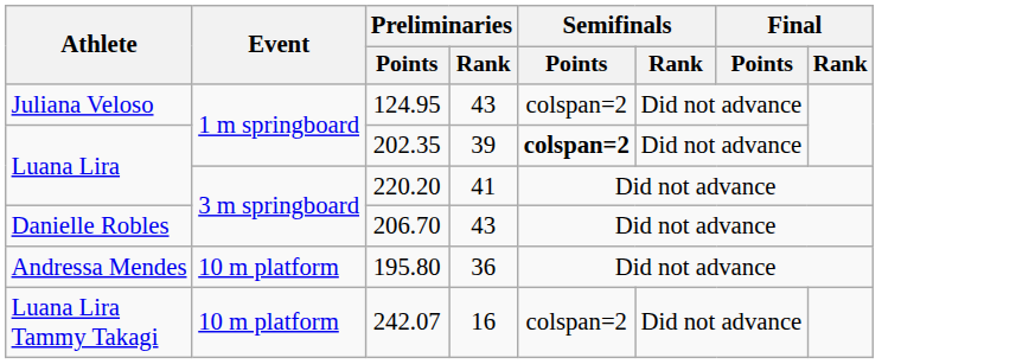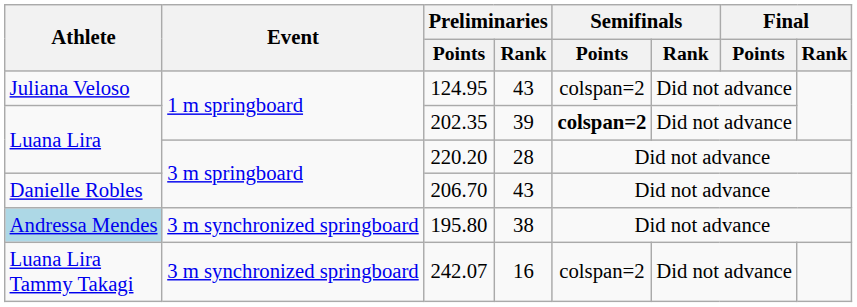 <table class=wikitable style="font-size:90%;">
 <tr>
 <th rowspan="2">Athlete</th>
 <th rowspan="2">Event</th>
 <th colspan="2">Preliminaries</th>
 <th colspan="2">Semifinals</th>
 <th colspan="2">Final</th>
 </tr>
 <tr style="font-size:95%">
 <th>Points</th>
 <th>Rank</th>
 <th>Points</th>
 <th>Rank</th>
 <th>Points</th>
 <th>Rank</th>
 </tr>
 <tr align=center>
 <td align=left><a href='#'>Juliana Veloso</a></td>
 <td align=left rowspan=2><a href='#'>1 m springboard</a></td>
 <td>124.95</td>
 <td>43</td>
 <td>colspan=2 </td>
 <td colspan=2>Did not advance</td>
 </tr>
 <tr align=center>
 <td align=left rowspan=2><a href='#'>Luana Lira</a></td>
 <td>202.35</td>
 <td>39</td>
 <td><strong>colspan=2 </strong></td>
 <td colspan=2>Did not advance</td>
 </tr>
 <tr align=center>
 <td align=left rowspan=2><a href='#'>3 m springboard</a></td>
 <td>220.20</td>
-<td>41</td>
+<td>28</td>
 <td colspan=4>Did not advance</td>
 </tr>
 <tr align=center>
 <td align=left><a href='#'>Danielle Robles</a></td>
 <td>206.70</td>
 <td>43</td>
 <td colspan=4>Did not advance</td>
 </tr>
 <tr align=center>
-<td align=left><a href='#'>Andressa Mendes</a></td>
-<td align=left><a href='#'>10 m platform</a></td>
+<td align=left style="background: lightblue;"><a href='#'>Andressa Mendes</a></td>
+<td align=left><a href='#'>3 m synchronized springboard</a></td>
 <td>195.80</td>
-<td>36</td>
+<td>38</td>
 <td colspan=4>Did not advance</td>
 </tr>
 <tr align=center>
 <td align=left><a href='#'>Luana Lira</a><br><a href='#'>Tammy Takagi</a></td>
-<td align=left><a href='#'>10 m platform</a></td>
+<td align=left><a href='#'>3 m synchronized springboard</a></td>
 <td>242.07</td>
 <td>16</td>
 <td>colspan=2 </td>
 <td colspan=2>Did not advance</td>
 </tr>
 </table>
